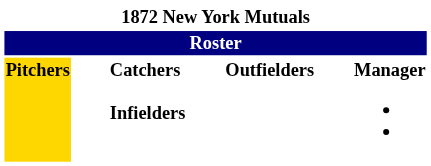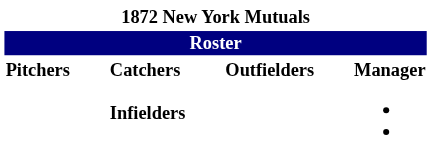 <table class="toccolours" style="font-size: 95%;">
 <tr>
 <th colspan="10" style="background-color: white; text-align: center;">1872 New York Mutuals</th>
 </tr>
 <tr>
 <td colspan="10" style="background-color: navy; color: white; text-align: center;"><strong>Roster</strong></td>
 </tr>
 <tr>
-<td valign="top" style="background: gold;"><strong>Pitchers</strong><br></td>
+<td valign="top"><strong>Pitchers</strong><br></td>
 <td width="25px"></td>
 <td valign="top"><strong>Catchers</strong><br> <br><strong>Infielders</strong>     </td>
 <td width="25px"></td>
 <td valign="top"><strong>Outfielders</strong><br>  </td>
 <td width="25px"></td>
 <td valign="top"><strong>Manager</strong><br><ul><li></li><li></li></ul></td>
 </tr>
 <tr>
 </tr>
 </table>
